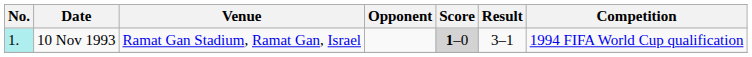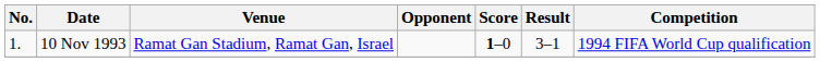 <table class="wikitable">
 <tr>
 <th>No.</th>
 <th>Date</th>
 <th>Venue</th>
 <th>Opponent</th>
 <th>Score</th>
 <th>Result</th>
 <th>Competition</th>
 </tr>
 <tr>
-<td style="background: paleturquoise;">1.</td>
+<td>1.</td>
 <td>10 Nov 1993</td>
 <td><a href='#'>Ramat Gan Stadium</a>, <a href='#'>Ramat Gan</a>, <a href='#'>Israel</a></td>
 <td></td>
-<td align=center style="background: lightgrey;"><strong>1</strong>–0</td>
+<td align=center><strong>1</strong>–0</td>
 <td align=center>3–1</td>
 <td><a href='#'>1994 FIFA World Cup qualification</a></td>
 </tr>
 <tr>
 </tr>
 </table>
